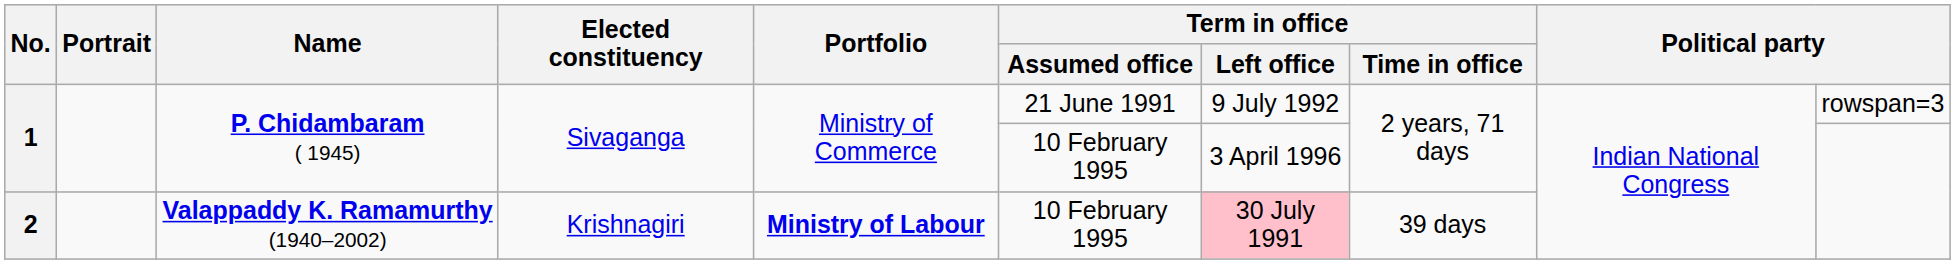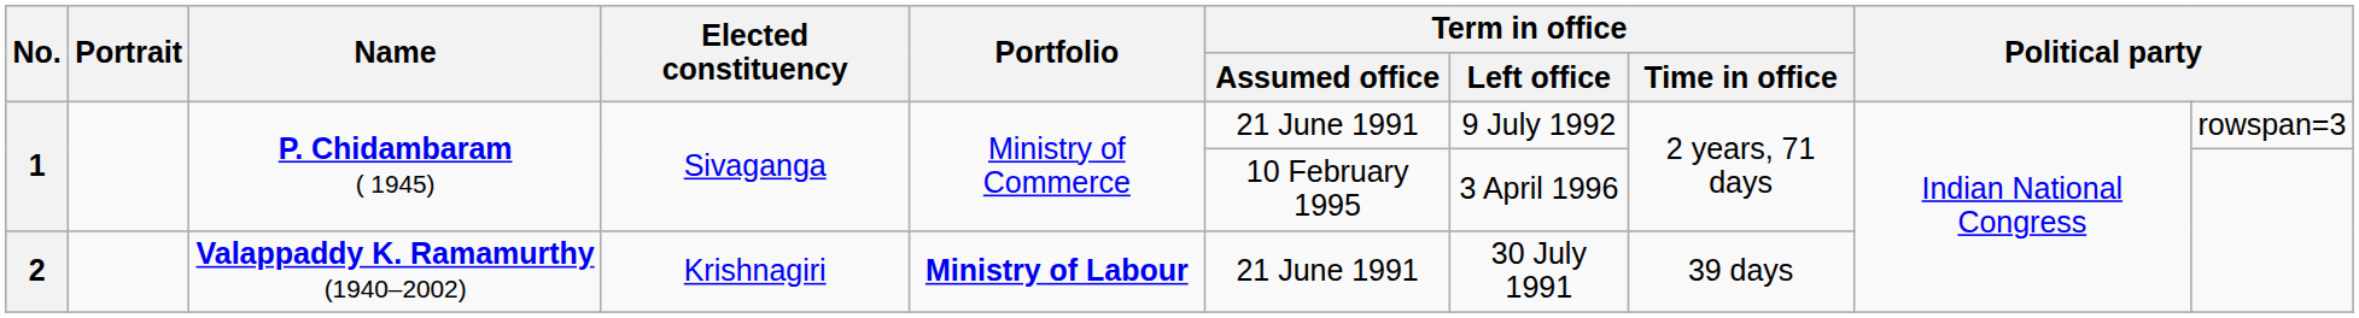 <table class="wikitable sortable" style="text-align:center;">
 <tr>
 <th rowspan=2>No.</th>
 <th rowspan=2>Portrait</th>
 <th rowspan=2>Name<br></th>
 <th rowspan=2>Elected constituency</th>
 <th rowspan=2>Portfolio</th>
 <th colspan=3>Term in office</th>
 <th rowspan=2 colspan=2>Political party</th>
 </tr>
 <tr>
 <th>Assumed office</th>
 <th>Left office</th>
 <th>Time in office</th>
 </tr>
 <tr>
 <th rowspan=2>1</th>
 <td rowspan=2></td>
 <td rowspan=2><strong><a href='#'>P. Chidambaram</a></strong><br><small>( 1945)</small></td>
 <td rowspan=2><a href='#'>Sivaganga</a></td>
 <td rowspan=2><a href='#'>Ministry of Commerce</a></td>
 <td>21 June 1991</td>
 <td>9 July 1992</td>
 <td rowspan=2>2 years, 71 days</td>
 <td rowspan=3><a href='#'>Indian National Congress</a></td>
 <td>rowspan=3 </td>
 </tr>
 <tr>
 <td>10 February 1995</td>
 <td>3 April 1996</td>
 </tr>
 <tr>
 <th>2</th>
 <td></td>
 <td><strong><a href='#'>Valappaddy K. Ramamurthy</a></strong><br><small>(1940–2002)</small></td>
 <td><a href='#'>Krishnagiri</a></td>
 <td><strong><a href='#'>Ministry of Labour</a></strong></td>
-<td>10 February 1995</td>
-<td style="background: pink;">30 July 1991</td>
+<td>21 June 1991</td>
+<td>30 July 1991</td>
 <td>39 days</td>
 </tr>
 </table>
